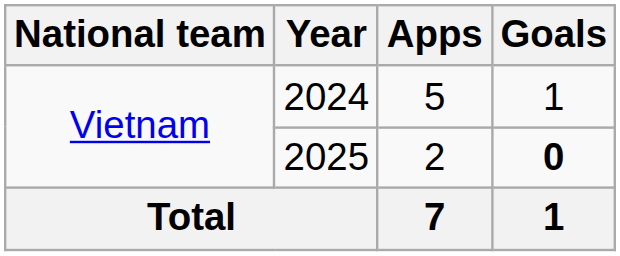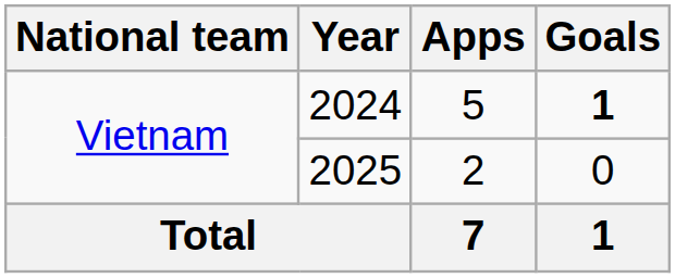 <table class="wikitable" style="text-align: center;">
 <tr>
 <th>National team</th>
 <th>Year</th>
 <th>Apps</th>
 <th>Goals</th>
 </tr>
 <tr>
 <td rowspan="2"><a href='#'>Vietnam</a></td>
 <td>2024</td>
 <td>5</td>
-<td>1</td>
+<td><strong>1</strong></td>
 </tr>
 <tr>
 <td>2025</td>
 <td>2</td>
-<td><strong>0</strong></td>
+<td>0</td>
 </tr>
 <tr>
 <th colspan=2>Total</th>
 <th>7</th>
 <th>1</th>
 </tr>
 </table>
